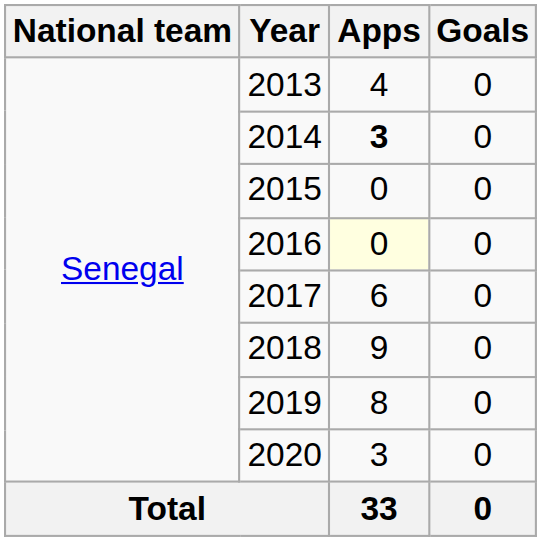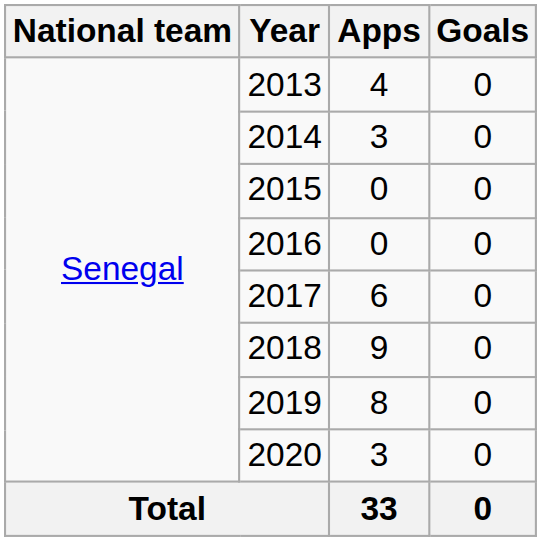 <table class="wikitable" style="text-align: center;">
 <tr>
 <th>National team</th>
 <th>Year</th>
 <th>Apps</th>
 <th>Goals</th>
 </tr>
 <tr>
 <td rowspan="8"><a href='#'>Senegal</a></td>
 <td>2013</td>
 <td>4</td>
 <td>0</td>
 </tr>
 <tr>
 <td>2014</td>
-<td><strong>3</strong></td>
+<td>3</td>
 <td>0</td>
 </tr>
 <tr>
 <td>2015</td>
 <td>0</td>
 <td>0</td>
 </tr>
 <tr>
 <td>2016</td>
-<td style="background: lightyellow;">0</td>
+<td>0</td>
 <td>0</td>
 </tr>
 <tr>
 <td>2017</td>
 <td>6</td>
 <td>0</td>
 </tr>
 <tr>
 <td>2018</td>
 <td>9</td>
 <td>0</td>
 </tr>
 <tr>
 <td>2019</td>
 <td>8</td>
 <td>0</td>
 </tr>
 <tr>
 <td>2020</td>
 <td>3</td>
 <td>0</td>
 </tr>
 <tr>
 <th colspan="2">Total</th>
 <th>33</th>
 <th>0</th>
 </tr>
 </table>
